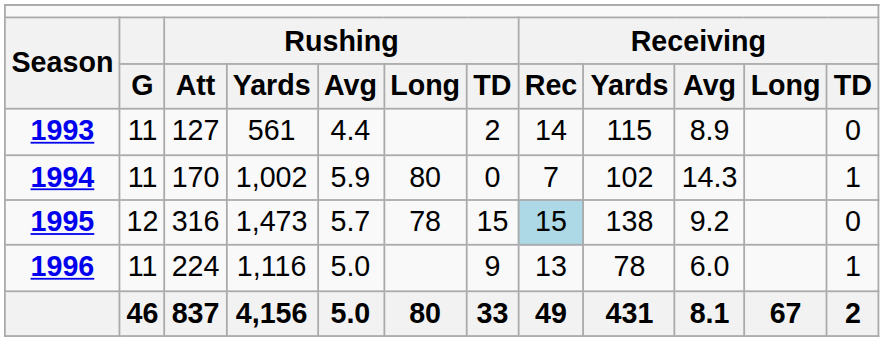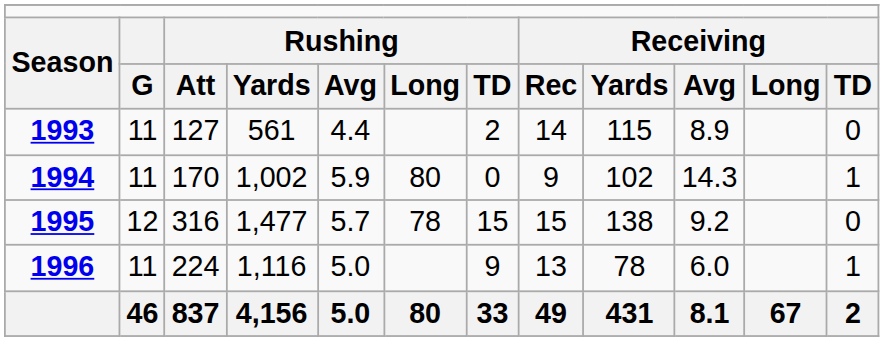 <table class=wikitable style="text-align:center;">
 <tr>
 </tr>
 <tr>
 <td ! colspan="13"></td>
 </tr>
 <tr>
 <th rowspan=2>Season</th>
 <th rowspan=1> </th>
 <th colspan=5>Rushing</th>
 <th colspan=5>Receiving</th>
 </tr>
 <tr>
 <th>G</th>
 <th>Att</th>
 <th>Yards</th>
 <th>Avg</th>
 <th>Long</th>
 <th>TD</th>
 <th>Rec</th>
 <th>Yards</th>
 <th>Avg</th>
 <th>Long</th>
 <th>TD</th>
 </tr>
 <tr>
 <td><strong><a href='#'>1993</a></strong></td>
 <td>11</td>
 <td>127</td>
 <td>561</td>
 <td>4.4</td>
 <td></td>
 <td>2</td>
 <td>14</td>
 <td>115</td>
 <td>8.9</td>
 <td></td>
 <td>0</td>
 </tr>
 <tr>
 <td><strong><a href='#'>1994</a></strong></td>
 <td>11</td>
 <td>170</td>
 <td>1,002</td>
 <td>5.9</td>
 <td>80</td>
 <td>0</td>
-<td>7</td>
+<td>9</td>
 <td>102</td>
 <td>14.3</td>
 <td></td>
 <td>1</td>
 </tr>
 <tr>
 <td><strong><a href='#'>1995</a></strong></td>
 <td>12</td>
 <td>316</td>
-<td>1,473</td>
+<td>1,477</td>
 <td>5.7</td>
 <td>78</td>
 <td>15</td>
-<td style="background: lightblue;">15</td>
+<td>15</td>
 <td>138</td>
 <td>9.2</td>
 <td></td>
 <td>0</td>
 </tr>
 <tr>
 <td><strong><a href='#'>1996</a></strong></td>
 <td>11</td>
 <td>224</td>
 <td>1,116</td>
 <td>5.0</td>
 <td></td>
 <td>9</td>
 <td>13</td>
 <td>78</td>
 <td>6.0</td>
 <td></td>
 <td>1</td>
 </tr>
 <tr>
 <th></th>
 <th>46</th>
 <th>837</th>
 <th>4,156</th>
 <th>5.0</th>
 <th>80</th>
 <th>33</th>
 <th>49</th>
 <th>431</th>
 <th>8.1</th>
 <th>67</th>
 <th>2</th>
 </tr>
 </table>
